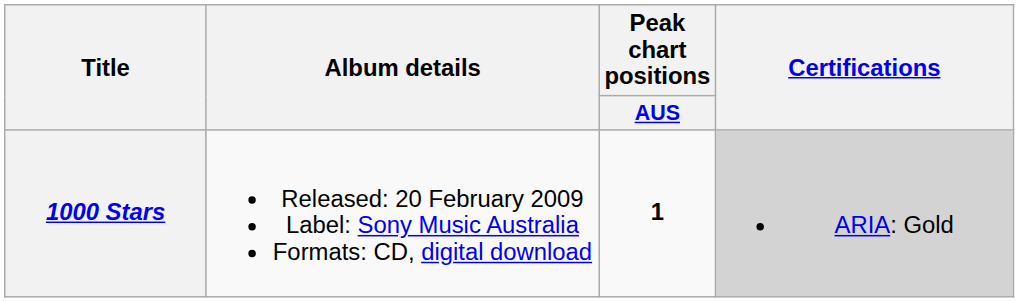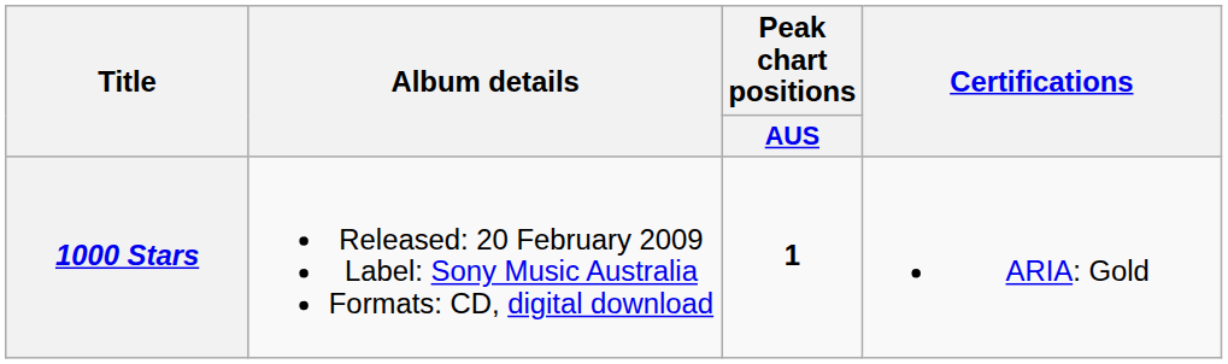 <table class="wikitable plainrowheaders" style="text-align:center;">
 <tr>
 <th scope="col" rowspan="2" style="width:8em;">Title</th>
 <th scope="col" rowspan="2" style="width:16em;">Album details</th>
 <th scope="col">Peak chart positions</th>
 <th scope="col" rowspan="2" style="width:12em;"><a href='#'>Certifications</a></th>
 </tr>
 <tr>
 <th scope="col" style="width:2.2em;font-size:90%;"><a href='#'>AUS</a><br></th>
 </tr>
 <tr>
 <th scope="row"><em><a href='#'>1000 Stars</a></em></th>
 <td><br><ul><li>Released: 20 February 2009</li><li>Label: <a href='#'>Sony Music Australia</a></li><li>Formats: CD, <a href='#'>digital download</a></li></ul></td>
 <td><strong>1</strong></td>
-<td style="background: lightgrey;"><br><ul><li><a href='#'>ARIA</a>: Gold</li></ul></td>
+<td><br><ul><li><a href='#'>ARIA</a>: Gold</li></ul></td>
 </tr>
 </table>
